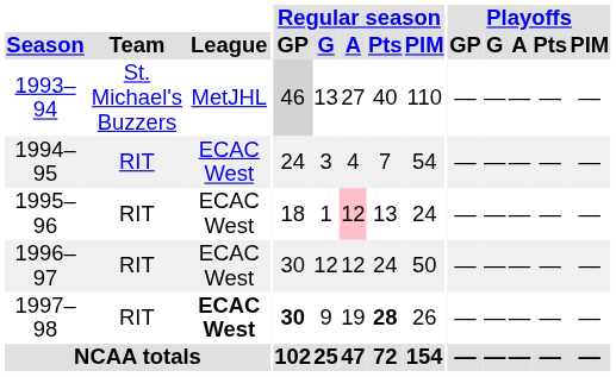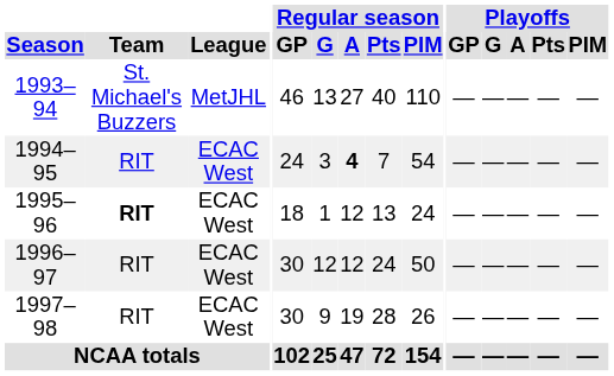 <table border="0" cellpadding="1" cellspacing="0" style="text-align:center; width:50%">
 <tr bgcolor="#e0e0e0">
 <th colspan="3" bgcolor="#ffffff"></th>
 <th rowspan="99" bgcolor="#ffffff"></th>
 <th colspan="5"><a href='#'>Regular season</a></th>
 <th rowspan="99" bgcolor="#ffffff"></th>
 <th colspan="5"><a href='#'>Playoffs</a></th>
 </tr>
 <tr bgcolor="#e0e0e0">
 <th><a href='#'>Season</a></th>
 <th>Team</th>
 <th>League</th>
 <th>GP</th>
 <th><a href='#'>G</a></th>
 <th><a href='#'>A</a></th>
 <th><a href='#'>Pts</a></th>
 <th><a href='#'>PIM</a></th>
 <th>GP</th>
 <th>G</th>
 <th>A</th>
 <th>Pts</th>
 <th>PIM</th>
 </tr>
 <tr ALIGN="center">
 <td><a href='#'>1993–94</a></td>
 <td><a href='#'>St. Michael's Buzzers</a></td>
 <td><a href='#'>MetJHL</a></td>
-<td style="background: lightgrey;">46</td>
+<td>46</td>
 <td>13</td>
 <td>27</td>
 <td>40</td>
 <td>110</td>
 <td>—</td>
 <td>—</td>
 <td>—</td>
 <td>—</td>
 <td>—</td>
 </tr>
 <tr ALIGN="center" bgcolor="#f0f0f0">
 <td>1994–95</td>
 <td><a href='#'>RIT</a></td>
 <td><a href='#'>ECAC West</a></td>
 <td>24</td>
 <td>3</td>
-<td>4</td>
+<td><strong>4</strong></td>
 <td>7</td>
 <td>54</td>
 <td>—</td>
 <td>—</td>
 <td>—</td>
 <td>—</td>
 <td>—</td>
 </tr>
 <tr ALIGN="center">
 <td>1995–96</td>
-<td>RIT</td>
+<td><strong>RIT</strong></td>
 <td>ECAC West</td>
 <td>18</td>
 <td>1</td>
-<td style="background: pink;">12</td>
+<td>12</td>
 <td>13</td>
 <td>24</td>
 <td>—</td>
 <td>—</td>
 <td>—</td>
 <td>—</td>
 <td>—</td>
 </tr>
 <tr ALIGN="center" bgcolor="#f0f0f0">
 <td>1996–97</td>
 <td>RIT</td>
 <td>ECAC West</td>
 <td>30</td>
 <td>12</td>
 <td>12</td>
 <td>24</td>
 <td>50</td>
 <td>—</td>
 <td>—</td>
 <td>—</td>
 <td>—</td>
 <td>—</td>
 </tr>
 <tr ALIGN="center">
 <td>1997–98</td>
 <td>RIT</td>
-<td><strong>ECAC West</strong></td>
-<td><strong>30</strong></td>
+<td>ECAC West</td>
+<td>30</td>
 <td>9</td>
 <td>19</td>
-<td><strong>28</strong></td>
+<td>28</td>
 <td>26</td>
 <td>—</td>
 <td>—</td>
 <td>—</td>
 <td>—</td>
 <td>—</td>
 </tr>
 <tr bgcolor="#e0e0e0">
 <th colspan="3">NCAA totals</th>
 <th>102</th>
 <th>25</th>
 <th>47</th>
 <th>72</th>
 <th>154</th>
 <th>—</th>
 <th>—</th>
 <th>—</th>
 <th>—</th>
 <th>—</th>
 </tr>
 </table>
